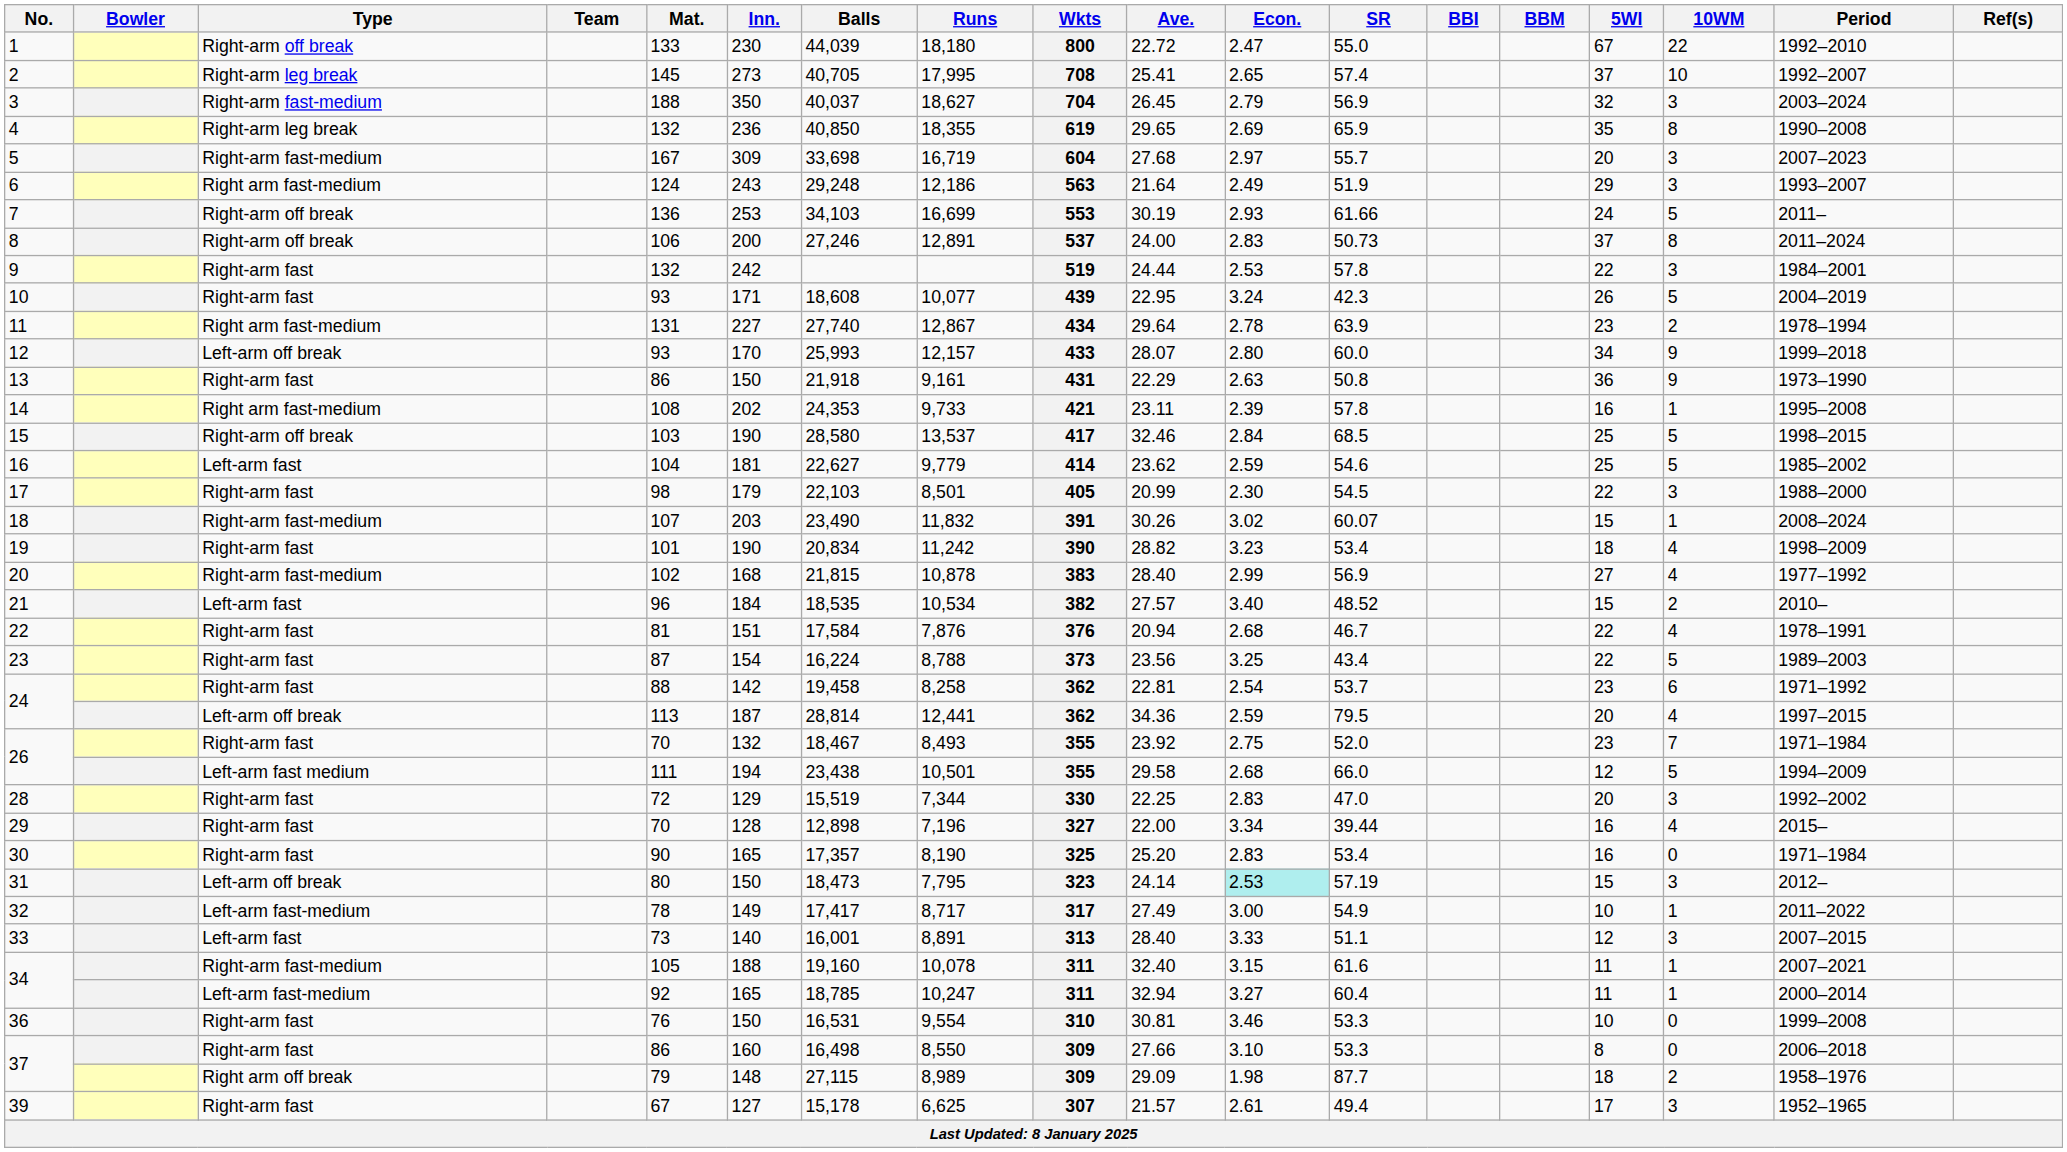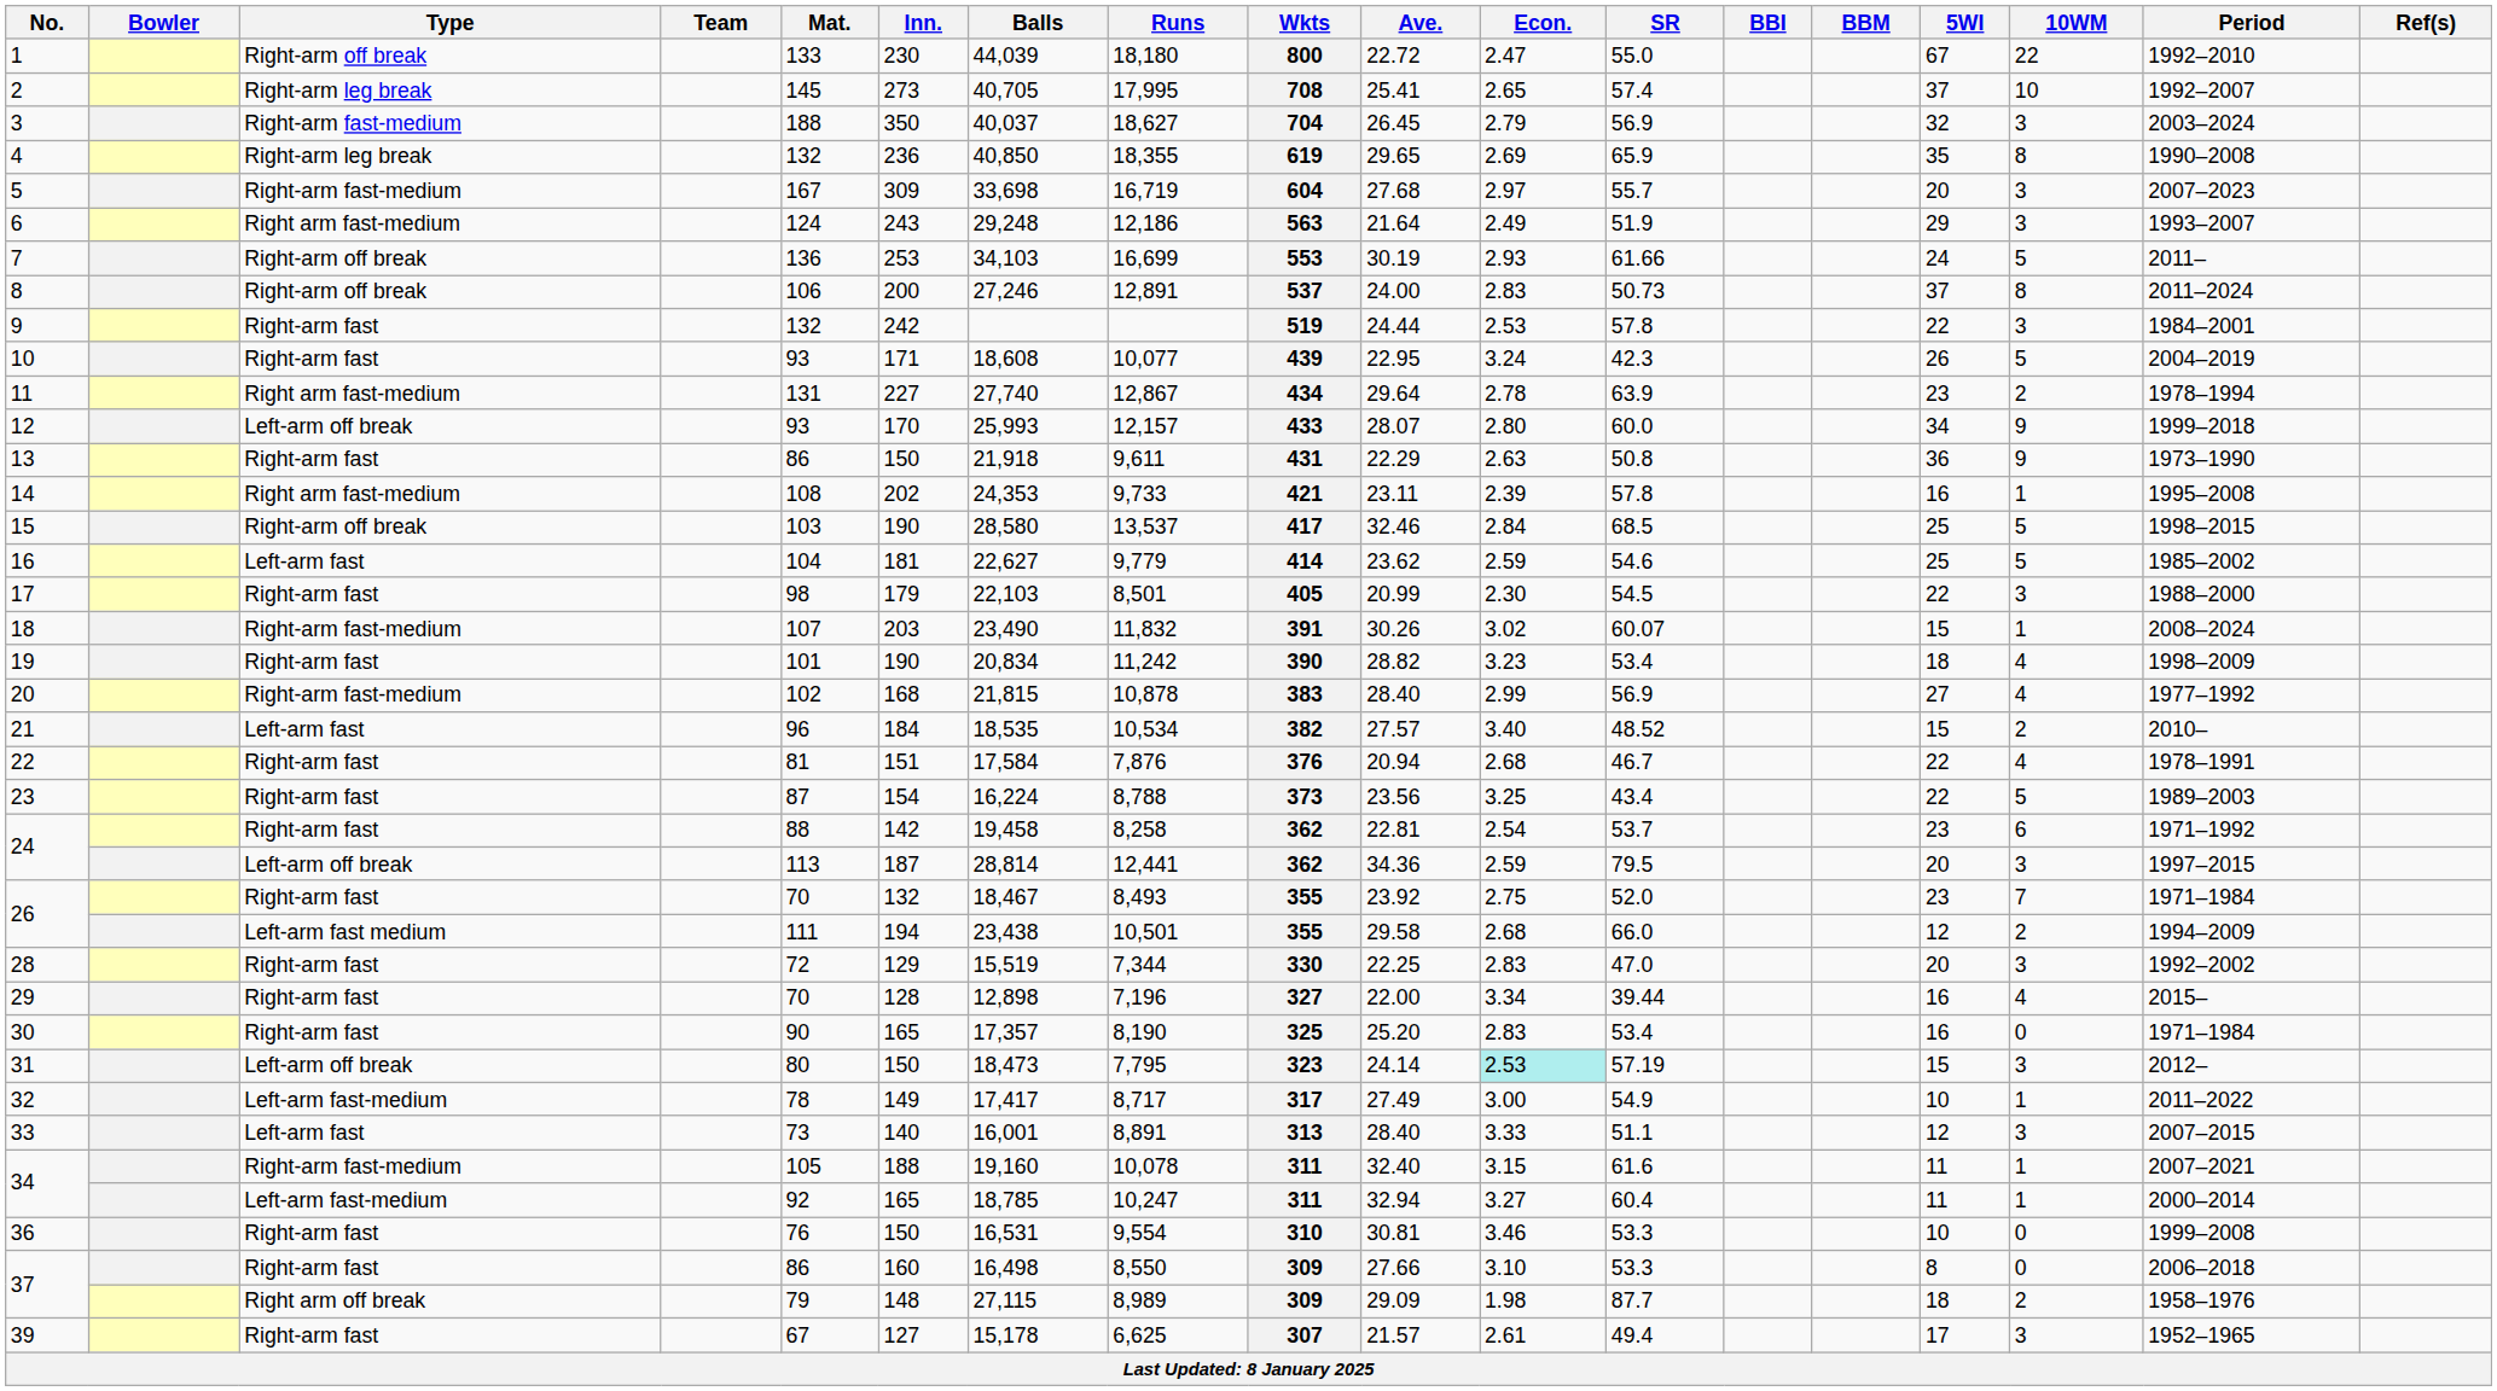 <table class="wikitable plainrowheaders sortable" style="font-size:85%; width:100%;">
 <tr align=center>
 <th scope="col">No.</th>
 <th scope="col"><a href='#'>Bowler</a></th>
 <th scope="col">Type</th>
 <th scope="col">Team</th>
 <th scope="col">Mat.</th>
 <th scope="col"><a href='#'>Inn.</a></th>
 <th scope="col">Balls</th>
 <th scope="col"><a href='#'>Runs</a></th>
 <th scope="col"><a href='#'>Wkts</a></th>
 <th scope="col"><a href='#'>Ave.</a></th>
 <th scope="col"><a href='#'>Econ.</a></th>
 <th scope="col"><a href='#'>SR</a></th>
 <th scope="col"><a href='#'>BBI</a></th>
 <th scope="col"><a href='#'>BBM</a></th>
 <th scope="col"><a href='#'>5WI</a></th>
 <th scope="col"><a href='#'>10WM</a></th>
 <th scope="col">Period</th>
 <th scope="col" class="unsortable">Ref(s)</th>
 </tr>
 <tr>
 <td>1</td>
 <th scope="row" style="background:#ffb;"></th>
 <td>Right-arm <a href='#'>off break</a></td>
 <td></td>
 <td>133</td>
 <td>230</td>
 <td>44,039</td>
 <td>18,180</td>
 <th scope="row"><strong>800</strong></th>
 <td>22.72</td>
 <td>2.47</td>
 <td>55.0</td>
 <td></td>
 <td></td>
 <td>67</td>
 <td>22</td>
 <td>1992–2010</td>
 <td></td>
 </tr>
 <tr>
 <td>2</td>
 <th scope="row" style="background:#ffb;"></th>
 <td>Right-arm <a href='#'>leg break</a></td>
 <td></td>
 <td>145</td>
 <td>273</td>
 <td>40,705</td>
 <td>17,995</td>
 <th scope="row"><strong>708</strong></th>
 <td>25.41</td>
 <td>2.65</td>
 <td>57.4</td>
 <td></td>
 <td></td>
 <td>37</td>
 <td>10</td>
 <td>1992–2007</td>
 <td></td>
 </tr>
 <tr>
 <td>3</td>
 <th scope="row"></th>
 <td>Right-arm <a href='#'>fast-medium</a></td>
 <td></td>
 <td>188</td>
 <td>350</td>
 <td>40,037</td>
 <td>18,627</td>
 <th scope="row"><strong>704</strong></th>
 <td>26.45</td>
 <td>2.79</td>
 <td>56.9</td>
 <td></td>
 <td></td>
 <td>32</td>
 <td>3</td>
 <td>2003–2024</td>
 <td></td>
 </tr>
 <tr>
 <td>4</td>
 <th scope="row" style="background:#ffb;"></th>
 <td>Right-arm leg break</td>
 <td></td>
 <td>132</td>
 <td>236</td>
 <td>40,850</td>
 <td>18,355</td>
 <th scope="row"><strong>619</strong></th>
 <td>29.65</td>
 <td>2.69</td>
 <td>65.9</td>
 <td></td>
 <td></td>
 <td>35</td>
 <td>8</td>
 <td>1990–2008</td>
 <td></td>
 </tr>
 <tr>
 <td>5</td>
 <th scope="row"></th>
 <td>Right-arm fast-medium</td>
 <td></td>
 <td>167</td>
 <td>309</td>
 <td>33,698</td>
 <td>16,719</td>
 <th scope="row"><strong>604</strong></th>
 <td>27.68</td>
 <td>2.97</td>
 <td>55.7</td>
 <td></td>
 <td></td>
 <td>20</td>
 <td>3</td>
 <td>2007–2023</td>
 <td></td>
 </tr>
 <tr>
 <td>6</td>
 <th scope="row" style="background:#ffb;"></th>
 <td>Right arm fast-medium</td>
 <td></td>
 <td>124</td>
 <td>243</td>
 <td>29,248</td>
 <td>12,186</td>
 <th scope="row"><strong>563</strong></th>
 <td>21.64</td>
 <td>2.49</td>
 <td>51.9</td>
 <td></td>
 <td></td>
 <td>29</td>
 <td>3</td>
 <td>1993–2007</td>
 <td></td>
 </tr>
 <tr>
 <td>7</td>
 <th scope="row"> </th>
 <td>Right-arm off break</td>
 <td></td>
 <td>136</td>
 <td>253</td>
 <td>34,103</td>
 <td>16,699</td>
 <th scope="row"><strong>553</strong></th>
 <td>30.19</td>
 <td>2.93</td>
 <td>61.66</td>
 <td></td>
 <td></td>
 <td>24</td>
 <td>5</td>
 <td>2011–</td>
 <td></td>
 </tr>
 <tr>
 <td>8</td>
 <th scope="row"></th>
 <td>Right-arm off break</td>
 <td></td>
 <td>106</td>
 <td>200</td>
 <td>27,246</td>
 <td>12,891</td>
 <th scope="row"><strong>537</strong></th>
 <td>24.00</td>
 <td>2.83</td>
 <td>50.73</td>
 <td></td>
 <td></td>
 <td>37</td>
 <td>8</td>
 <td>2011–2024</td>
 <td></td>
 </tr>
 <tr>
 <td>9</td>
 <th scope="row" style="background:#ffb;"></th>
 <td>Right-arm fast</td>
 <td></td>
 <td>132</td>
 <td>242</td>
 <td></td>
 <td></td>
 <th scope="row"><strong>519</strong></th>
 <td>24.44</td>
 <td>2.53</td>
 <td>57.8</td>
 <td></td>
 <td></td>
 <td>22</td>
 <td>3</td>
 <td>1984–2001</td>
 <td></td>
 </tr>
 <tr>
 <td>10</td>
 <th scope="row"></th>
 <td>Right-arm fast</td>
 <td></td>
 <td>93</td>
 <td>171</td>
 <td>18,608</td>
 <td>10,077</td>
 <th scope="row"><strong>439</strong></th>
 <td>22.95</td>
 <td>3.24</td>
 <td>42.3</td>
 <td></td>
 <td></td>
 <td>26</td>
 <td>5</td>
 <td>2004–2019</td>
 <td></td>
 </tr>
 <tr>
 <td>11</td>
 <th scope="row" style="background:#ffb;"></th>
 <td>Right arm fast-medium</td>
 <td></td>
 <td>131</td>
 <td>227</td>
 <td>27,740</td>
 <td>12,867</td>
 <th scope="row"><strong>434</strong></th>
 <td>29.64</td>
 <td>2.78</td>
 <td>63.9</td>
 <td></td>
 <td></td>
 <td>23</td>
 <td>2</td>
 <td>1978–1994</td>
 <td></td>
 </tr>
 <tr>
 <td>12</td>
 <th scope="row"></th>
 <td>Left-arm off break</td>
 <td></td>
 <td>93</td>
 <td>170</td>
 <td>25,993</td>
 <td>12,157</td>
 <th scope="row"><strong>433</strong></th>
 <td>28.07</td>
 <td>2.80</td>
 <td>60.0</td>
 <td></td>
 <td></td>
 <td>34</td>
 <td>9</td>
 <td>1999–2018</td>
 <td></td>
 </tr>
 <tr>
 <td>13</td>
 <th scope="row" style="background:#ffb;"></th>
 <td>Right-arm fast</td>
 <td></td>
 <td>86</td>
 <td>150</td>
 <td>21,918</td>
-<td>9,161</td>
+<td>9,611</td>
 <th scope="row"><strong>431</strong></th>
 <td>22.29</td>
 <td>2.63</td>
 <td>50.8</td>
 <td></td>
 <td></td>
 <td>36</td>
 <td>9</td>
 <td>1973–1990</td>
 <td></td>
 </tr>
 <tr>
 <td>14</td>
 <th scope="row" style="background:#ffb;"></th>
 <td>Right arm fast-medium</td>
 <td></td>
 <td>108</td>
 <td>202</td>
 <td>24,353</td>
 <td>9,733</td>
 <th scope="row"><strong>421</strong></th>
 <td>23.11</td>
 <td>2.39</td>
 <td>57.8</td>
 <td></td>
 <td></td>
 <td>16</td>
 <td>1</td>
 <td>1995–2008</td>
 <td></td>
 </tr>
 <tr>
 <td>15</td>
 <th scope="row"></th>
 <td>Right-arm off break</td>
 <td></td>
 <td>103</td>
 <td>190</td>
 <td>28,580</td>
 <td>13,537</td>
 <th scope="row"><strong>417</strong></th>
 <td>32.46</td>
 <td>2.84</td>
 <td>68.5</td>
 <td></td>
 <td></td>
 <td>25</td>
 <td>5</td>
 <td>1998–2015</td>
 <td></td>
 </tr>
 <tr>
 <td>16</td>
 <th scope="row" style="background:#ffb;"></th>
 <td>Left-arm fast</td>
 <td></td>
 <td>104</td>
 <td>181</td>
 <td>22,627</td>
 <td>9,779</td>
 <th scope="row"><strong>414</strong></th>
 <td>23.62</td>
 <td>2.59</td>
 <td>54.6</td>
 <td></td>
 <td></td>
 <td>25</td>
 <td>5</td>
 <td>1985–2002</td>
 <td></td>
 </tr>
 <tr>
 <td>17</td>
 <th scope="row" style="background:#ffb;"></th>
 <td>Right-arm fast</td>
 <td></td>
 <td>98</td>
 <td>179</td>
 <td>22,103</td>
 <td>8,501</td>
 <th scope="row"><strong>405</strong></th>
 <td>20.99</td>
 <td>2.30</td>
 <td>54.5</td>
 <td></td>
 <td></td>
 <td>22</td>
 <td>3</td>
 <td>1988–2000</td>
 <td></td>
 </tr>
 <tr>
 <td>18</td>
 <th scope="row"></th>
 <td>Right-arm fast-medium</td>
 <td></td>
 <td>107</td>
 <td>203</td>
 <td>23,490</td>
 <td>11,832</td>
 <th scope="row"><strong>391</strong></th>
 <td>30.26</td>
 <td>3.02</td>
 <td>60.07</td>
 <td></td>
 <td></td>
 <td>15</td>
 <td>1</td>
 <td>2008–2024</td>
 <td></td>
 </tr>
 <tr>
 <td>19</td>
 <th scope="row"></th>
 <td>Right-arm fast</td>
 <td></td>
 <td>101</td>
 <td>190</td>
 <td>20,834</td>
 <td>11,242</td>
 <th scope="row"><strong>390</strong></th>
 <td>28.82</td>
 <td>3.23</td>
 <td>53.4</td>
 <td></td>
 <td></td>
 <td>18</td>
 <td>4</td>
 <td>1998–2009</td>
 <td></td>
 </tr>
 <tr>
 <td>20</td>
 <th scope="row" style="background:#ffb;"></th>
 <td>Right-arm fast-medium</td>
 <td></td>
 <td>102</td>
 <td>168</td>
 <td>21,815</td>
 <td>10,878</td>
 <th scope="row"><strong>383</strong></th>
 <td>28.40</td>
 <td>2.99</td>
 <td>56.9</td>
 <td></td>
 <td></td>
 <td>27</td>
 <td>4</td>
 <td>1977–1992</td>
 <td></td>
 </tr>
 <tr>
 <td>21</td>
 <th scope="row"> </th>
 <td>Left-arm fast</td>
 <td></td>
 <td>96</td>
 <td>184</td>
 <td>18,535</td>
 <td>10,534</td>
 <th scope="row"><strong>382</strong></th>
 <td>27.57</td>
 <td>3.40</td>
 <td>48.52</td>
 <td></td>
 <td></td>
 <td>15</td>
 <td>2</td>
 <td>2010–</td>
 <td></td>
 </tr>
 <tr>
 <td>22</td>
 <th scope="row" style="background:#ffb;"></th>
 <td>Right-arm fast</td>
 <td></td>
 <td>81</td>
 <td>151</td>
 <td>17,584</td>
 <td>7,876</td>
 <th scope="row"><strong>376</strong></th>
 <td>20.94</td>
 <td>2.68</td>
 <td>46.7</td>
 <td></td>
 <td></td>
 <td>22</td>
 <td>4</td>
 <td>1978–1991</td>
 <td></td>
 </tr>
 <tr>
 <td>23</td>
 <th scope="row" style="background:#ffb;"></th>
 <td>Right-arm fast</td>
 <td></td>
 <td>87</td>
 <td>154</td>
 <td>16,224</td>
 <td>8,788</td>
 <th scope="row"><strong>373</strong></th>
 <td>23.56</td>
 <td>3.25</td>
 <td>43.4</td>
 <td></td>
 <td></td>
 <td>22</td>
 <td>5</td>
 <td>1989–2003</td>
 <td></td>
 </tr>
 <tr>
 <td rowspan="2">24</td>
 <th scope="row" style="background:#ffb;"></th>
 <td>Right-arm fast</td>
 <td></td>
 <td>88</td>
 <td>142</td>
 <td>19,458</td>
 <td>8,258</td>
 <th scope="row"><strong>362</strong></th>
 <td>22.81</td>
 <td>2.54</td>
 <td>53.7</td>
 <td></td>
 <td></td>
 <td>23</td>
 <td>6</td>
 <td>1971–1992</td>
 <td></td>
 </tr>
 <tr>
 <th scope="row"></th>
 <td>Left-arm off break</td>
 <td></td>
 <td>113</td>
 <td>187</td>
 <td>28,814</td>
 <td>12,441</td>
 <th scope="row"><strong>362</strong></th>
 <td>34.36</td>
 <td>2.59</td>
 <td>79.5</td>
 <td></td>
 <td></td>
 <td>20</td>
-<td>4</td>
+<td>3</td>
 <td>1997–2015</td>
 <td></td>
 </tr>
 <tr>
 <td rowspan="2">26</td>
 <th scope="row" style="background:#ffb;"></th>
 <td>Right-arm fast</td>
 <td></td>
 <td>70</td>
 <td>132</td>
 <td>18,467</td>
 <td>8,493</td>
 <th scope="row"><strong>355</strong></th>
 <td>23.92</td>
 <td>2.75</td>
 <td>52.0</td>
 <td></td>
 <td></td>
 <td>23</td>
 <td>7</td>
 <td>1971–1984</td>
 <td></td>
 </tr>
 <tr>
 <th scope="row"></th>
 <td>Left-arm fast medium</td>
 <td></td>
 <td>111</td>
 <td>194</td>
 <td>23,438</td>
 <td>10,501</td>
 <th scope="row"><strong>355</strong></th>
 <td>29.58</td>
 <td>2.68</td>
 <td>66.0</td>
 <td></td>
 <td></td>
 <td>12</td>
-<td>5</td>
+<td>2</td>
 <td>1994–2009</td>
 <td></td>
 </tr>
 <tr>
 <td>28</td>
 <th scope="row" style="background:#ffb;"></th>
 <td>Right-arm fast</td>
 <td></td>
 <td>72</td>
 <td>129</td>
 <td>15,519</td>
 <td>7,344</td>
 <th scope="row"><strong>330</strong></th>
 <td>22.25</td>
 <td>2.83</td>
 <td>47.0</td>
 <td></td>
 <td></td>
 <td>20</td>
 <td>3</td>
 <td>1992–2002</td>
 <td></td>
 </tr>
 <tr>
 <td>29</td>
 <th scope="row"> </th>
 <td>Right-arm fast</td>
 <td></td>
 <td>70</td>
 <td>128</td>
 <td>12,898</td>
 <td>7,196</td>
 <th scope="row"><strong>327</strong></th>
 <td>22.00</td>
 <td>3.34</td>
 <td>39.44</td>
 <td></td>
 <td></td>
 <td>16</td>
 <td>4</td>
 <td>2015–</td>
 <td></td>
 </tr>
 <tr>
 <td>30</td>
 <th scope="row" style="background:#ffb;"></th>
 <td>Right-arm fast</td>
 <td></td>
 <td>90</td>
 <td>165</td>
 <td>17,357</td>
 <td>8,190</td>
 <th scope="row"><strong>325</strong></th>
 <td>25.20</td>
 <td>2.83</td>
 <td>53.4</td>
 <td></td>
 <td></td>
 <td>16</td>
 <td>0</td>
 <td>1971–1984</td>
 <td></td>
 </tr>
 <tr>
 <td>31</td>
 <th scope="row"> </th>
 <td>Left-arm off break</td>
 <td></td>
 <td>80</td>
 <td>150</td>
 <td>18,473</td>
 <td>7,795</td>
 <th scope="row"><strong>323</strong></th>
 <td>24.14</td>
 <td style="background: paleturquoise;">2.53</td>
 <td>57.19</td>
 <td></td>
 <td></td>
 <td>15</td>
 <td>3</td>
 <td>2012–</td>
 <td></td>
 </tr>
 <tr>
 <td>32</td>
 <th scope="row"></th>
 <td>Left-arm fast-medium</td>
 <td></td>
 <td>78</td>
 <td>149</td>
 <td>17,417</td>
 <td>8,717</td>
 <th scope="row"><strong>317</strong></th>
 <td>27.49</td>
 <td>3.00</td>
 <td>54.9</td>
 <td></td>
 <td></td>
 <td>10</td>
 <td>1</td>
 <td>2011–2022</td>
 <td></td>
 </tr>
 <tr>
 <td>33</td>
 <th scope="row"></th>
 <td>Left-arm fast</td>
 <td></td>
 <td>73</td>
 <td>140</td>
 <td>16,001</td>
 <td>8,891</td>
 <th scope="row"><strong>313</strong></th>
 <td>28.40</td>
 <td>3.33</td>
 <td>51.1</td>
 <td></td>
 <td></td>
 <td>12</td>
 <td>3</td>
 <td>2007–2015</td>
 <td></td>
 </tr>
 <tr>
 <td rowspan="2">34</td>
 <th scope="row"></th>
 <td>Right-arm fast-medium</td>
 <td></td>
 <td>105</td>
 <td>188</td>
 <td>19,160</td>
 <td>10,078</td>
 <th scope="row"><strong>311</strong></th>
 <td>32.40</td>
 <td>3.15</td>
 <td>61.6</td>
 <td></td>
 <td></td>
 <td>11</td>
 <td>1</td>
 <td>2007–2021</td>
 <td></td>
 </tr>
 <tr>
 <th scope="row"></th>
 <td>Left-arm fast-medium</td>
 <td></td>
 <td>92</td>
 <td>165</td>
 <td>18,785</td>
 <td>10,247</td>
 <th scope="row"><strong>311</strong></th>
 <td>32.94</td>
 <td>3.27</td>
 <td>60.4</td>
 <td></td>
 <td></td>
 <td>11</td>
 <td>1</td>
 <td>2000–2014</td>
 <td></td>
 </tr>
 <tr>
 <td>36</td>
 <th scope="row"></th>
 <td>Right-arm fast</td>
 <td></td>
 <td>76</td>
 <td>150</td>
 <td>16,531</td>
 <td>9,554</td>
 <th scope="row"><strong>310</strong></th>
 <td>30.81</td>
 <td>3.46</td>
 <td>53.3</td>
 <td></td>
 <td></td>
 <td>10</td>
 <td>0</td>
 <td>1999–2008</td>
 <td></td>
 </tr>
 <tr>
 <td rowspan="2">37</td>
 <th scope="row"></th>
 <td>Right-arm fast</td>
 <td></td>
 <td>86</td>
 <td>160</td>
 <td>16,498</td>
 <td>8,550</td>
 <th scope="row"><strong>309</strong></th>
 <td>27.66</td>
 <td>3.10</td>
 <td>53.3</td>
 <td></td>
 <td></td>
 <td>8</td>
 <td>0</td>
 <td>2006–2018</td>
 <td></td>
 </tr>
 <tr>
 <th scope="row" style="background:#ffb;"></th>
 <td>Right arm off break</td>
 <td></td>
 <td>79</td>
 <td>148</td>
 <td>27,115</td>
 <td>8,989</td>
 <th scope="row"><strong>309</strong></th>
 <td>29.09</td>
 <td>1.98</td>
 <td>87.7</td>
 <td></td>
 <td></td>
 <td>18</td>
 <td>2</td>
 <td>1958–1976</td>
 <td></td>
 </tr>
 <tr>
 <td>39</td>
 <th scope="row" style="background:#ffb;"></th>
 <td>Right-arm fast</td>
 <td></td>
 <td>67</td>
 <td>127</td>
 <td>15,178</td>
 <td>6,625</td>
 <th scope="row"><strong>307</strong></th>
 <td>21.57</td>
 <td>2.61</td>
 <td>49.4</td>
 <td></td>
 <td></td>
 <td>17</td>
 <td>3</td>
 <td>1952–1965</td>
 <td></td>
 </tr>
 <tr class=sortbottom>
 <th scope=row colspan=18><small><em>Last Updated: 8 January 2025</em></small></th>
 </tr>
 </table>
